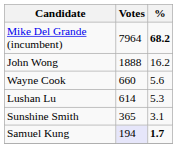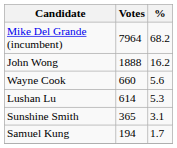 <table class="wikitable">
 <tr>
 <th bgcolor="#DDDDFF" width="150px">Candidate</th>
 <th bgcolor="#DDDDFF">Votes</th>
 <th bgcolor="#DDDDFF">%</th>
 </tr>
 <tr>
 <td><a href='#'>Mike Del Grande</a> (incumbent)</td>
 <td>7964</td>
-<td><strong>68.2</strong></td>
+<td>68.2</td>
 </tr>
 <tr>
 <td>John Wong</td>
 <td>1888</td>
 <td>16.2</td>
 </tr>
 <tr>
 <td>Wayne Cook</td>
 <td>660</td>
 <td>5.6</td>
 </tr>
 <tr>
 <td>Lushan Lu</td>
 <td>614</td>
 <td>5.3</td>
 </tr>
 <tr>
 <td>Sunshine Smith</td>
 <td>365</td>
 <td>3.1</td>
 </tr>
 <tr>
 <td>Samuel Kung</td>
-<td style="background: lavender;">194</td>
-<td><strong>1.7</strong></td>
+<td>194</td>
+<td>1.7</td>
 </tr>
 <tr>
 </tr>
 </table>
